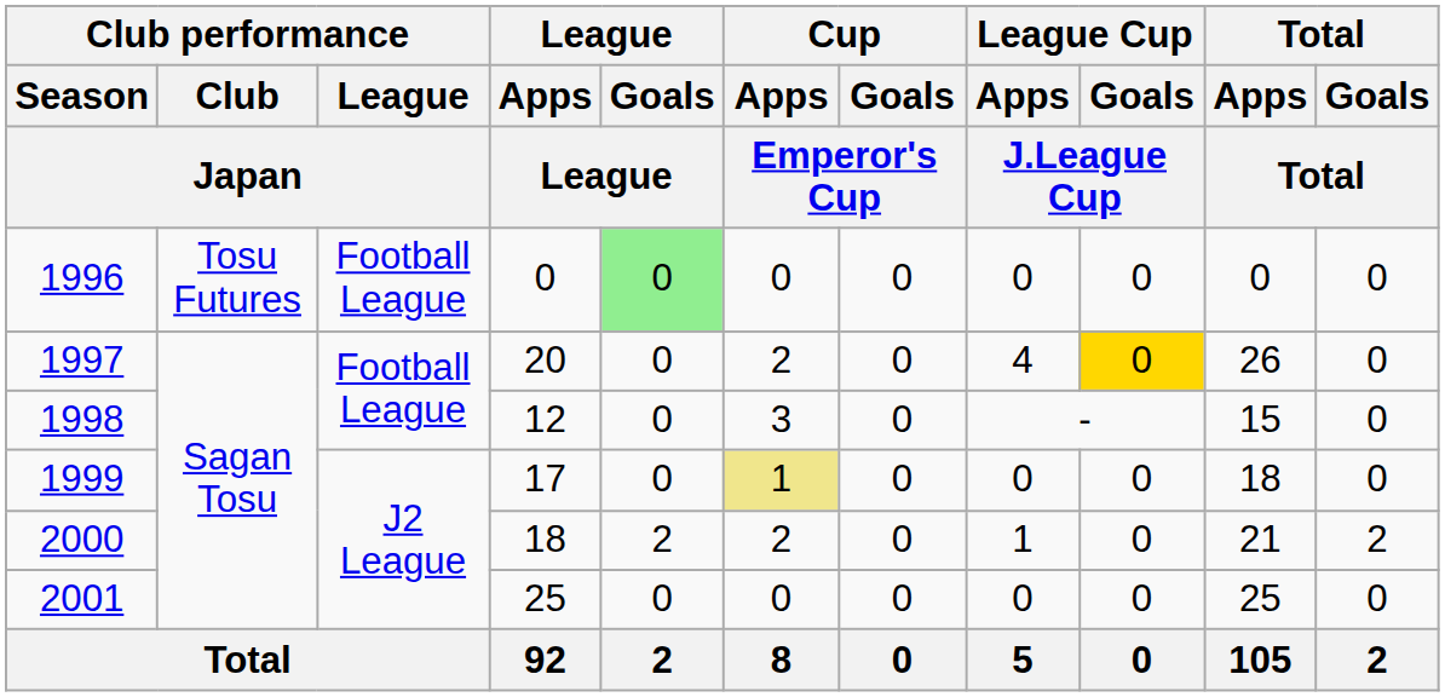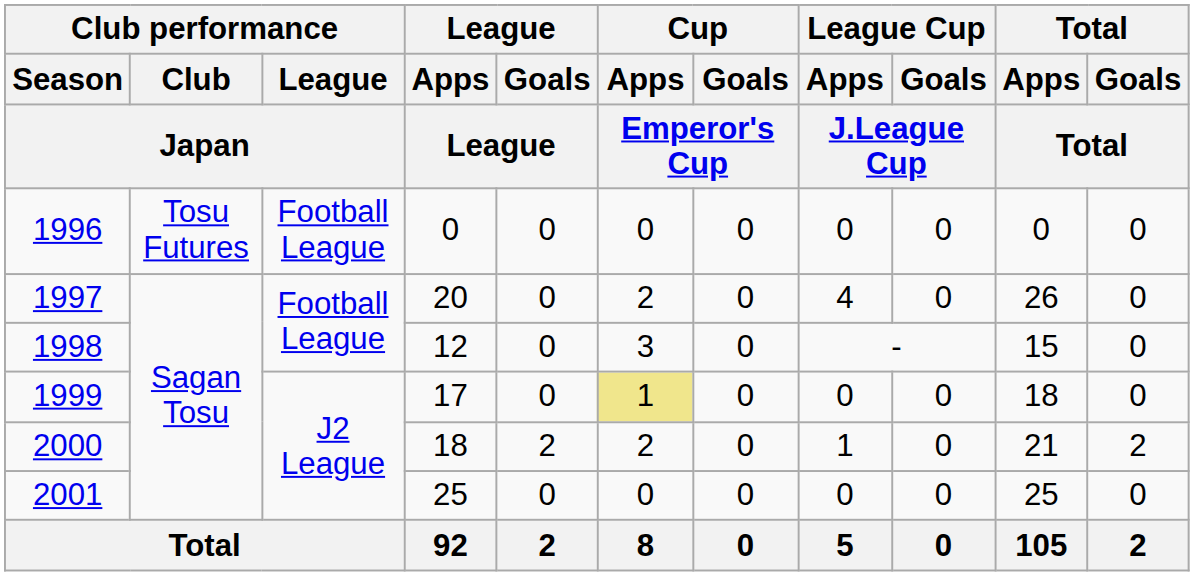 <table class="wikitable" style="text-align:center;">
 <tr>
 <th colspan=3>Club performance</th>
 <th colspan=2>League</th>
 <th colspan=2>Cup</th>
 <th colspan=2>League Cup</th>
 <th colspan=2>Total</th>
 </tr>
 <tr>
 <th>Season</th>
 <th>Club</th>
 <th>League</th>
 <th>Apps</th>
 <th>Goals</th>
 <th>Apps</th>
 <th>Goals</th>
 <th>Apps</th>
 <th>Goals</th>
 <th>Apps</th>
 <th>Goals</th>
 </tr>
 <tr>
 <th colspan=3>Japan</th>
 <th colspan=2>League</th>
 <th colspan=2><a href='#'>Emperor's Cup</a></th>
 <th colspan=2><a href='#'>J.League Cup</a></th>
 <th colspan=2>Total</th>
 </tr>
 <tr>
 <td><a href='#'>1996</a></td>
 <td><a href='#'>Tosu Futures</a></td>
 <td><a href='#'>Football League</a></td>
 <td>0</td>
-<td style="background: lightgreen;">0</td>
+<td>0</td>
 <td>0</td>
 <td>0</td>
 <td>0</td>
 <td>0</td>
 <td>0</td>
 <td>0</td>
 </tr>
 <tr>
 <td><a href='#'>1997</a></td>
 <td rowspan="5"><a href='#'>Sagan Tosu</a></td>
 <td rowspan="2"><a href='#'>Football League</a></td>
 <td>20</td>
 <td>0</td>
 <td>2</td>
 <td>0</td>
 <td>4</td>
-<td style="background: gold;">0</td>
+<td>0</td>
 <td>26</td>
 <td>0</td>
 </tr>
 <tr>
 <td><a href='#'>1998</a></td>
 <td>12</td>
 <td>0</td>
 <td>3</td>
 <td>0</td>
 <td colspan="2">-</td>
 <td>15</td>
 <td>0</td>
 </tr>
 <tr>
 <td><a href='#'>1999</a></td>
 <td rowspan="3"><a href='#'>J2 League</a></td>
 <td>17</td>
 <td>0</td>
 <td style="background: khaki;">1</td>
 <td>0</td>
 <td>0</td>
 <td>0</td>
 <td>18</td>
 <td>0</td>
 </tr>
 <tr>
 <td><a href='#'>2000</a></td>
 <td>18</td>
 <td>2</td>
 <td>2</td>
 <td>0</td>
 <td>1</td>
 <td>0</td>
 <td>21</td>
 <td>2</td>
 </tr>
 <tr>
 <td><a href='#'>2001</a></td>
 <td>25</td>
 <td>0</td>
 <td>0</td>
 <td>0</td>
 <td>0</td>
 <td>0</td>
 <td>25</td>
 <td>0</td>
 </tr>
 <tr>
 <th colspan=3>Total</th>
 <th>92</th>
 <th>2</th>
 <th>8</th>
 <th>0</th>
 <th>5</th>
 <th>0</th>
 <th>105</th>
 <th>2</th>
 </tr>
 </table>
